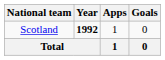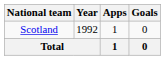 <table class="wikitable" style="text-align:center">
 <tr>
 <th>National team</th>
 <th>Year</th>
 <th>Apps</th>
 <th>Goals</th>
 </tr>
 <tr>
 <td><a href='#'>Scotland</a></td>
-<td><strong>1992</strong></td>
+<td>1992</td>
 <td>1</td>
 <td>0</td>
 </tr>
 <tr>
 <th colspan="2">Total</th>
 <th>1</th>
 <th>0</th>
 </tr>
 </table>
